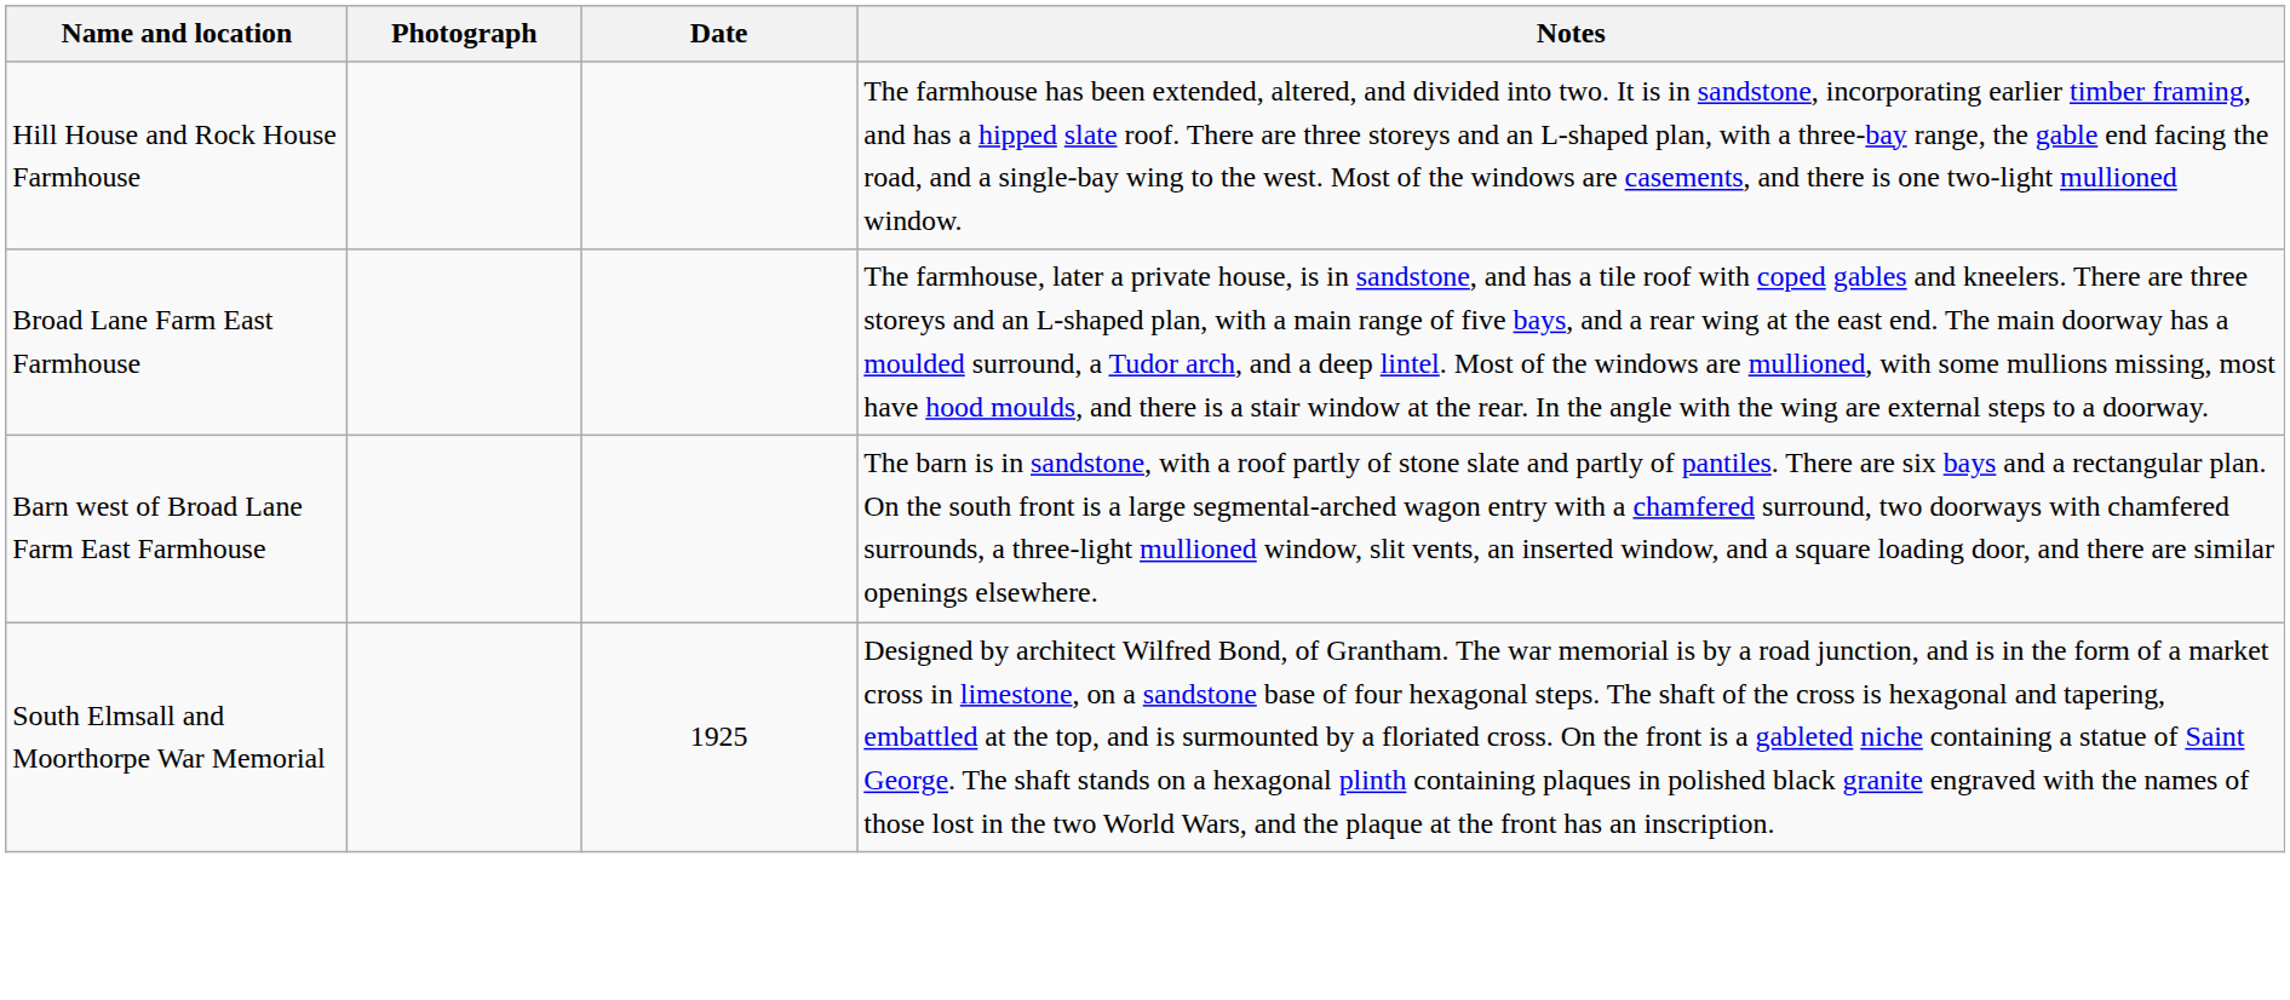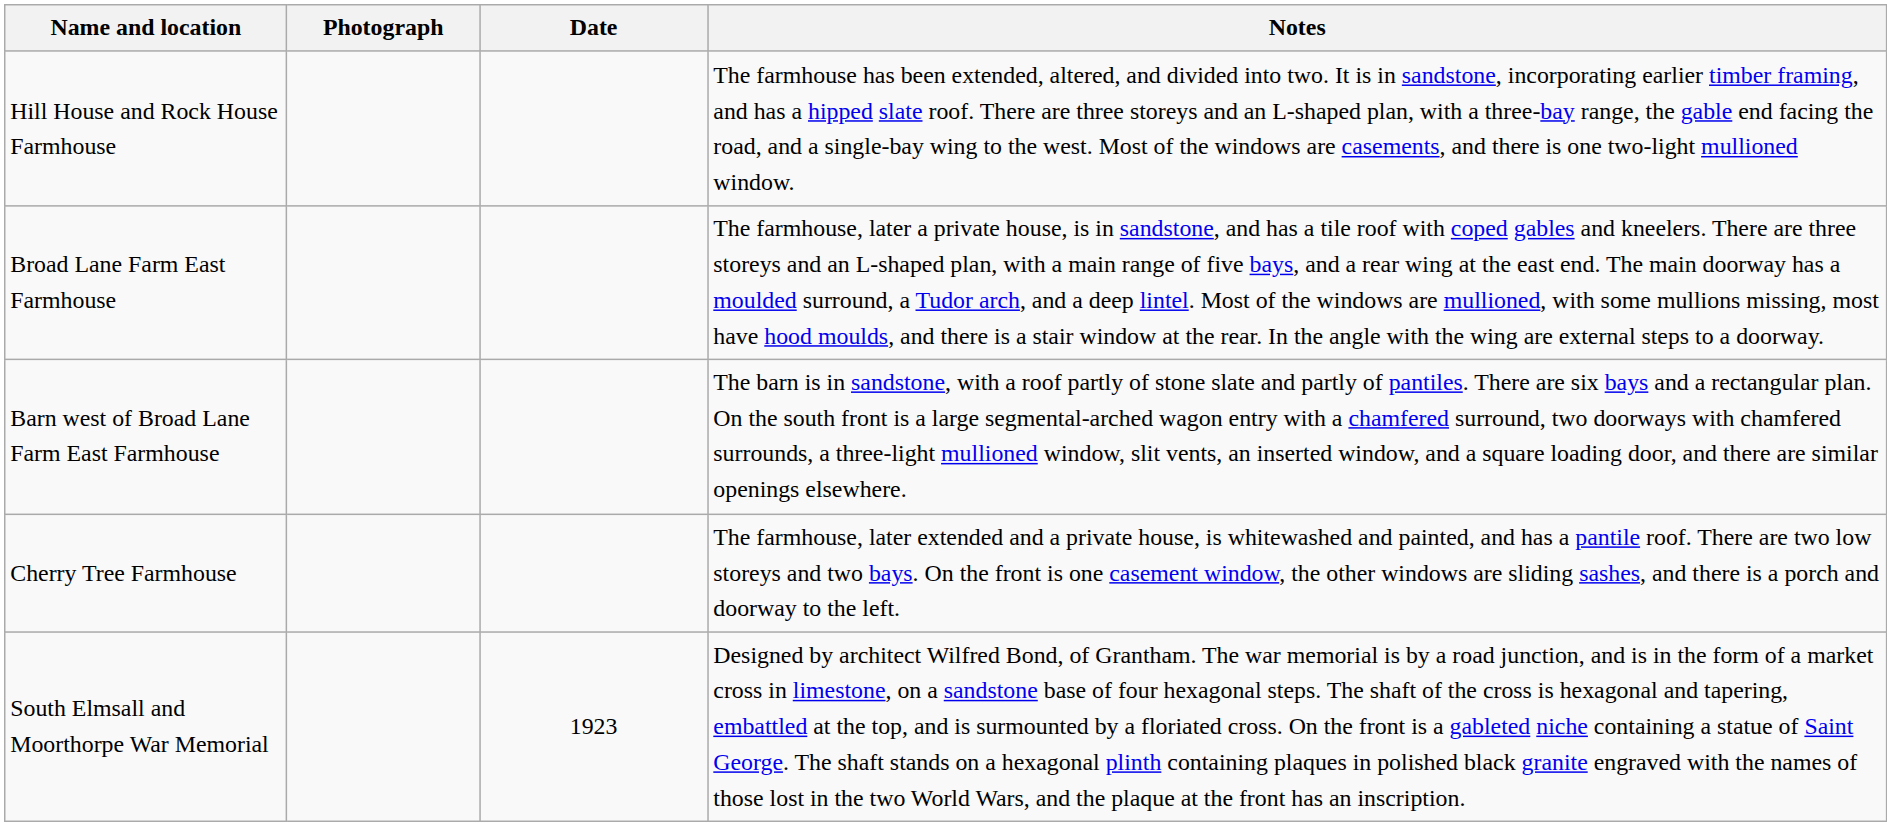 <table class="wikitable sortable plainrowheaders" style="width:100%;border:0px;text-align:left;line-height:150%;">
 <tr>
 <th scope="col"  style="width:150px">Name and location</th>
 <th scope="col"  style="width:100px" class="unsortable">Photograph</th>
 <th scope="col"  style="width:120px">Date</th>
 <th scope="col"  style="width:650px" class="unsortable">Notes</th>
 </tr>
 <tr>
 <td>Hill House and Rock House Farmhouse<br><small></small></td>
 <td></td>
 <td align="center"></td>
 <td>The farmhouse has been extended, altered, and divided into two.  It is in <a href='#'>sandstone</a>, incorporating earlier <a href='#'>timber framing</a>, and has a <a href='#'>hipped</a> <a href='#'>slate</a> roof.  There are three storeys and an L-shaped plan, with a three-<a href='#'>bay</a> range,  the <a href='#'>gable</a> end facing the road, and a single-bay wing to the west.  Most of the windows are <a href='#'>casements</a>, and there is one two-light <a href='#'>mullioned</a> window.</td>
 </tr>
 <tr>
 <td>Broad Lane Farm East Farmhouse<br><small></small></td>
 <td></td>
 <td align="center"></td>
 <td>The farmhouse, later a private house, is in <a href='#'>sandstone</a>, and has a tile roof with <a href='#'>coped</a> <a href='#'>gables</a> and kneelers.  There are three storeys and an L-shaped plan, with a main range of five <a href='#'>bays</a>, and a rear wing at the east end.  The main doorway has a <a href='#'>moulded</a> surround, a <a href='#'>Tudor arch</a>, and a deep <a href='#'>lintel</a>.  Most of the windows are <a href='#'>mullioned</a>, with some mullions missing, most have <a href='#'>hood moulds</a>, and there is a stair window at the rear.  In the angle with the wing are external steps to a doorway.</td>
 </tr>
 <tr>
 <td>Barn west of Broad Lane Farm East Farmhouse<br><small></small></td>
 <td></td>
 <td align="center"></td>
 <td>The barn is in <a href='#'>sandstone</a>, with a roof partly of stone slate and partly of <a href='#'>pantiles</a>.  There are six <a href='#'>bays</a> and a rectangular plan.  On the south front is a large segmental-arched wagon entry with a <a href='#'>chamfered</a> surround, two doorways with chamfered surrounds, a three-light <a href='#'>mullioned</a> window, slit vents, an inserted window, and a square loading door, and there are similar openings elsewhere.</td>
 </tr>
 <tr>
+<td>Cherry Tree Farmhouse<br><small></small></td>
+<td></td>
+<td align="center"></td>
+<td>The farmhouse, later extended and a private house, is whitewashed and painted, and has a <a href='#'>pantile</a> roof.  There are two low storeys and two <a href='#'>bays</a>.  On the front is one <a href='#'>casement window</a>, the other windows are sliding <a href='#'>sashes</a>, and there is a porch and doorway to the left.</td>
+</tr>
+<tr>
 <td>South Elmsall and Moorthorpe War Memorial<br><small></small></td>
 <td></td>
-<td align="center">1925</td>
+<td align="center">1923</td>
 <td>Designed by architect Wilfred Bond, of Grantham. The war memorial is by a road junction, and is in the form of a market cross in <a href='#'>limestone</a>, on a <a href='#'>sandstone</a> base of four hexagonal steps.  The shaft of the cross is hexagonal and tapering, <a href='#'>embattled</a> at the top, and is surmounted by a floriated cross.  On the front is a <a href='#'>gableted</a> <a href='#'>niche</a> containing a statue of <a href='#'>Saint George</a>.  The shaft stands on a hexagonal <a href='#'>plinth</a> containing plaques in polished black <a href='#'>granite</a> engraved with the names of those lost in the two World Wars, and the plaque at the front has an inscription.</td>
 </tr>
 <tr>
 </tr>
 </table>
